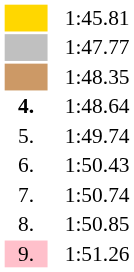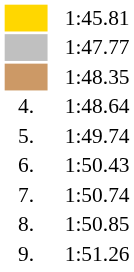 <table style="text-align:center">
 <tr>
 <td width=30 bgcolor=gold></td>
 <td align=left></td>
 <td width=60>1:45.81</td>
 </tr>
 <tr>
 <td bgcolor=silver></td>
 <td align=left></td>
 <td>1:47.77</td>
 </tr>
 <tr>
 <td bgcolor=cc9966></td>
 <td align=left></td>
 <td>1:48.35</td>
 </tr>
 <tr>
-<td><strong>4.</strong></td>
+<td>4.</td>
 <td align=left></td>
 <td>1:48.64</td>
 </tr>
 <tr>
 <td>5.</td>
 <td align=left></td>
 <td>1:49.74</td>
 </tr>
 <tr>
 <td>6.</td>
 <td align=left></td>
 <td>1:50.43</td>
 </tr>
 <tr>
 <td>7.</td>
 <td align=left></td>
 <td>1:50.74</td>
 </tr>
 <tr>
 <td>8.</td>
 <td align=left></td>
 <td>1:50.85</td>
 </tr>
 <tr>
-<td style="background: pink;">9.</td>
+<td>9.</td>
 <td align=left></td>
 <td>1:51.26</td>
 </tr>
 </table>
